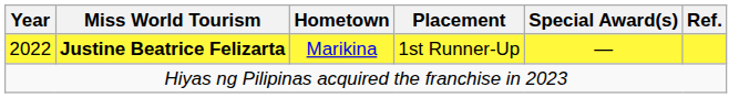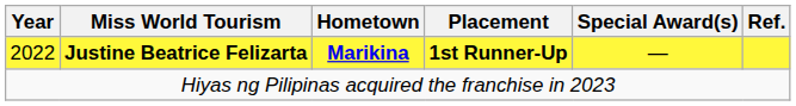 <table class="wikitable" style="font-size: 85%; text-align:center" width:100%;">
 <tr>
 <th>Year</th>
 <th>Miss World Tourism</th>
 <th>Hometown</th>
 <th>Placement</th>
 <th>Special Award(s)</th>
 <th>Ref.</th>
 </tr>
 <tr style="background-color:#FFF83B">
 <td>2022</td>
 <td><strong>Justine Beatrice Felizarta</strong></td>
-<td><a href='#'>Marikina</a></td>
-<td>1st Runner-Up</td>
+<td><strong><a href='#'>Marikina</a></strong></td>
+<td><strong>1st Runner-Up</strong></td>
 <td>—</td>
 <td></td>
 </tr>
 <tr>
 <td colspan="6"><em>Hiyas ng Pilipinas acquired the franchise in 2023</em></td>
 </tr>
 </table>
